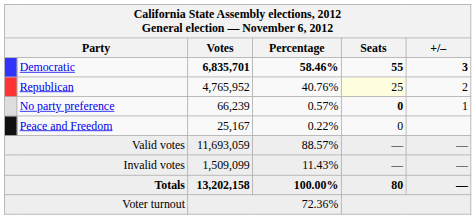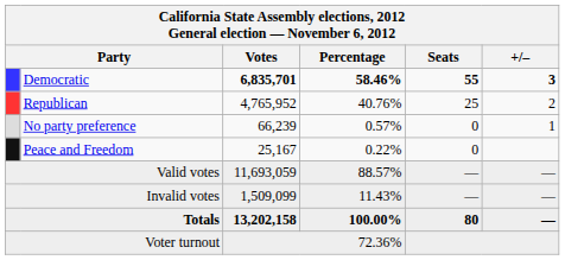 <table class="wikitable" style="font-size:95%;">
 <tr>
 <th colspan="6">California State Assembly elections, 2012<br>General election — November 6, 2012</th>
 </tr>
 <tr>
 <th colspan=2 style="width: 15em">Party</th>
 <th style="width: 5em">Votes</th>
 <th style="width: 7em">Percentage</th>
 <th style="width: 5em">Seats</th>
 <th style="width: 5em">+/–</th>
 </tr>
 <tr>
 <th style="background-color:#3333FF; width: 3px"></th>
 <td style="width: 130px"><a href='#'>Democratic</a></td>
 <td align="right"><strong>6,835,701</strong></td>
 <td align="right"><strong>58.46%</strong></td>
 <td align="right"><strong>55</strong></td>
 <td align="right"><strong> 3</strong></td>
 </tr>
 <tr>
 <th style="background-color:#FF3333; width: 3px"></th>
 <td style="width: 130px"><a href='#'>Republican</a></td>
 <td align="right">4,765,952</td>
 <td align="right">40.76%</td>
-<td align="right" style="background: lightyellow;">25</td>
+<td align="right">25</td>
 <td align="right"> 2</td>
 </tr>
 <tr>
 <th style="background-color:#DDDDDD; width: 3px"></th>
 <td style="width: 130px"><a href='#'>No party preference</a></td>
 <td align="right">66,239</td>
 <td align="right">0.57%</td>
-<td align="right"><strong>0</strong></td>
+<td align="right">0</td>
 <td align="right"> 1</td>
 </tr>
 <tr>
 <th style="background-color:#111111; width: 3px"></th>
 <td style="width: 130px"><a href='#'>Peace and Freedom</a></td>
 <td align="right">25,167</td>
 <td align="right">0.22%</td>
 <td align="right">0</td>
 <td align="right"></td>
 </tr>
 <tr bgcolor="#EEEEEE">
 <td colspan="2" align="right">Valid votes</td>
 <td align="right">11,693,059</td>
 <td align="right">88.57%</td>
 <td align="right">—</td>
 <td align="right">—</td>
 </tr>
 <tr bgcolor="#EEEEEE">
 <td colspan="2" align="right">Invalid votes</td>
 <td align="right">1,509,099</td>
 <td align="right">11.43%</td>
 <td align="right">—</td>
 <td align="right">—</td>
 </tr>
 <tr bgcolor="#EEEEEE">
 <td colspan="2" align="right"><strong>Totals</strong></td>
 <td align="right"><strong>13,202,158</strong></td>
 <td align="right"><strong>100.00%</strong></td>
 <td align="right"><strong>80</strong></td>
 <td align="right"><strong>—</strong></td>
 </tr>
 <tr bgcolor="#EEEEEE">
 <td colspan="2" align="right">Voter turnout</td>
 <td colspan="2" align="right">72.36%</td>
 <td colspan="2" align="right"></td>
 </tr>
 </table>
